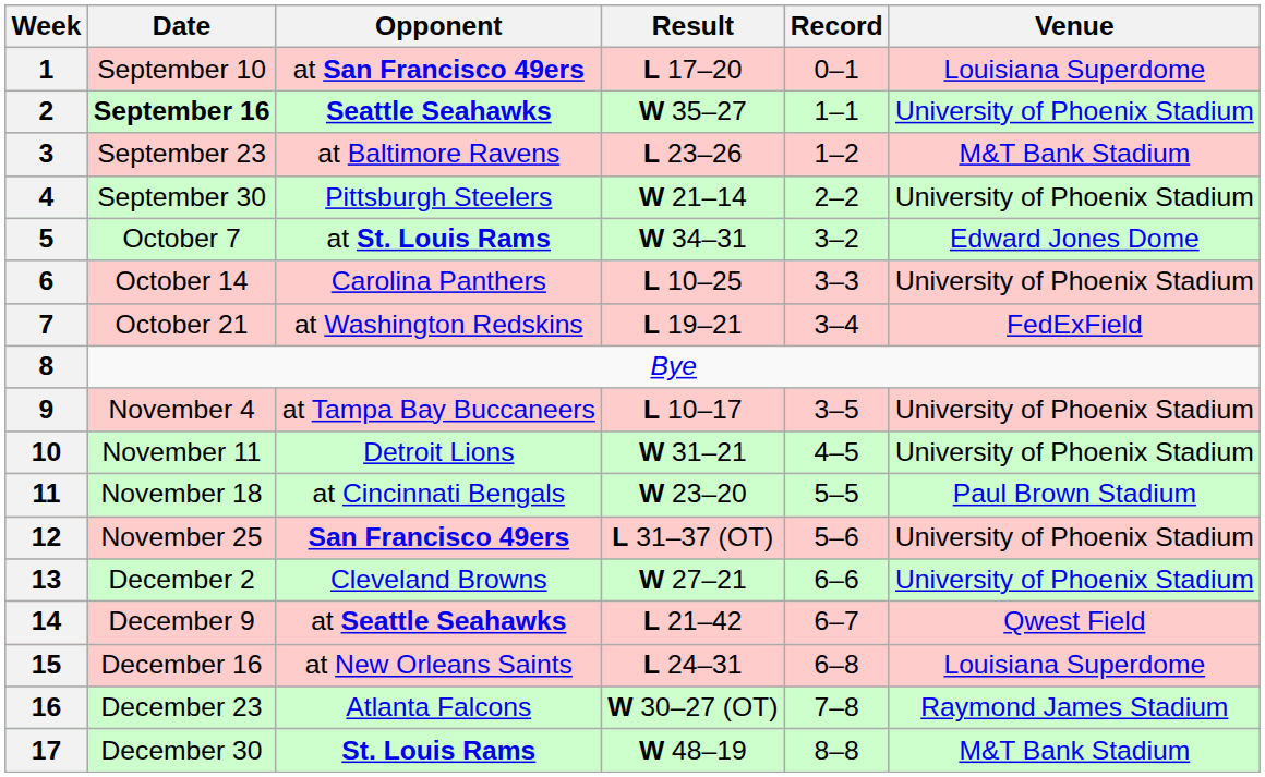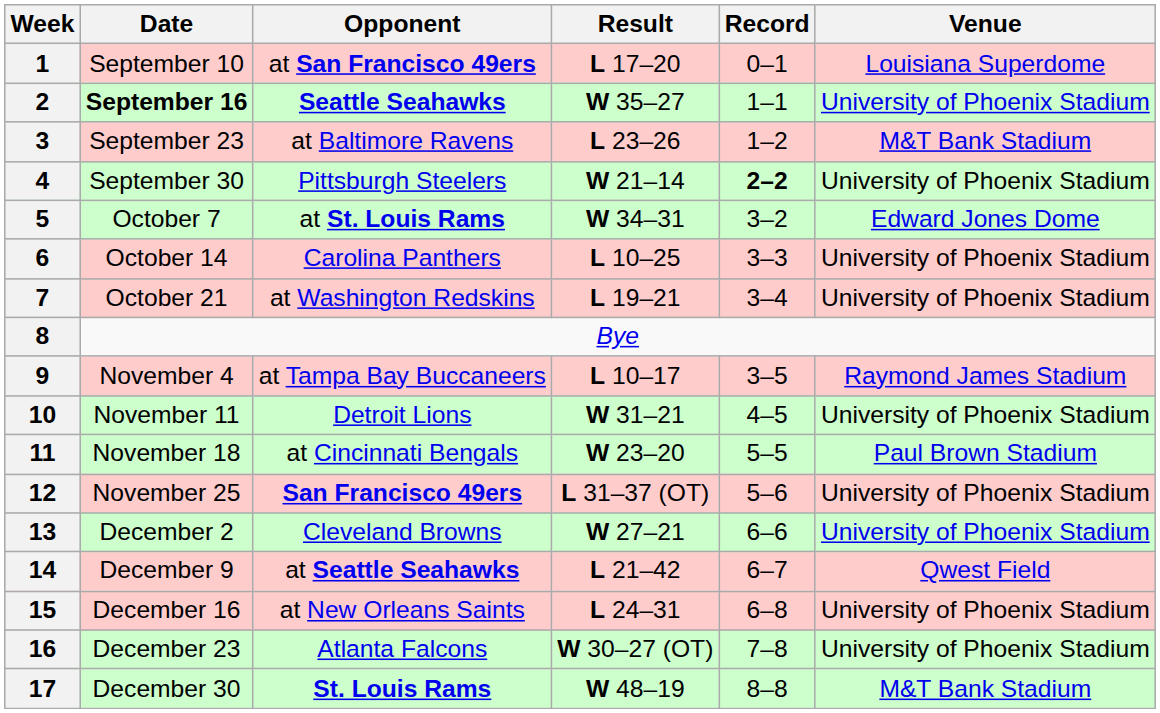 <table class="wikitable" style="text-align:center">
 <tr>
 <th>Week</th>
 <th>Date</th>
 <th>Opponent</th>
 <th>Result</th>
 <th>Record</th>
 <th>Venue</th>
 </tr>
 <tr style="background:#fcc">
 <th>1</th>
 <td>September 10</td>
 <td>at <strong><a href='#'>San Francisco 49ers</a></strong></td>
 <td><strong>L</strong> 17–20</td>
 <td>0–1</td>
 <td><a href='#'>Louisiana Superdome</a></td>
 </tr>
 <tr style="background:#cfc">
 <th>2</th>
 <td><strong>September 16</strong></td>
 <td><strong><a href='#'>Seattle Seahawks</a></strong></td>
 <td><strong>W</strong> 35–27</td>
 <td>1–1</td>
 <td><a href='#'>University of Phoenix Stadium</a></td>
 </tr>
 <tr style="background:#fcc">
 <th>3</th>
 <td>September 23</td>
 <td>at <a href='#'>Baltimore Ravens</a></td>
 <td><strong>L</strong> 23–26</td>
 <td>1–2</td>
 <td><a href='#'>M&T Bank Stadium</a></td>
 </tr>
 <tr style="background:#cfc">
 <th>4</th>
 <td>September 30</td>
 <td><a href='#'>Pittsburgh Steelers</a></td>
 <td><strong>W</strong> 21–14</td>
-<td>2–2</td>
+<td><strong>2–2</strong></td>
 <td>University of Phoenix Stadium</td>
 </tr>
 <tr style="background:#cfc">
 <th>5</th>
 <td>October 7</td>
 <td>at <strong><a href='#'>St. Louis Rams</a></strong></td>
 <td><strong>W</strong> 34–31</td>
 <td>3–2</td>
 <td><a href='#'>Edward Jones Dome</a></td>
 </tr>
 <tr style="background:#fcc">
 <th>6</th>
 <td>October 14</td>
 <td><a href='#'>Carolina Panthers</a></td>
 <td><strong>L</strong> 10–25</td>
 <td>3–3</td>
 <td>University of Phoenix Stadium</td>
 </tr>
 <tr style="background:#fcc">
 <th>7</th>
 <td>October 21</td>
 <td>at <a href='#'>Washington Redskins</a></td>
 <td><strong>L</strong> 19–21</td>
 <td>3–4</td>
-<td><a href='#'>FedExField</a></td>
+<td>University of Phoenix Stadium</td>
 </tr>
 <tr>
 <th>8</th>
 <td colspan="6"><em><a href='#'>Bye</a></em></td>
 </tr>
 <tr style="background:#fcc">
 <th>9</th>
 <td>November 4</td>
 <td>at <a href='#'>Tampa Bay Buccaneers</a></td>
 <td><strong>L</strong> 10–17</td>
 <td>3–5</td>
-<td>University of Phoenix Stadium</td>
+<td><a href='#'>Raymond James Stadium</a></td>
 </tr>
 <tr style="background:#cfc">
 <th>10</th>
 <td>November 11</td>
 <td><a href='#'>Detroit Lions</a></td>
 <td><strong>W</strong> 31–21</td>
 <td>4–5</td>
 <td>University of Phoenix Stadium</td>
 </tr>
 <tr style="background:#cfc">
 <th>11</th>
 <td>November 18</td>
 <td>at <a href='#'>Cincinnati Bengals</a></td>
 <td><strong>W</strong> 23–20</td>
 <td>5–5</td>
 <td><a href='#'>Paul Brown Stadium</a></td>
 </tr>
 <tr style="background:#fcc">
 <th>12</th>
 <td>November 25</td>
 <td><strong><a href='#'>San Francisco 49ers</a></strong></td>
 <td><strong>L</strong> 31–37 (OT)</td>
 <td>5–6</td>
 <td>University of Phoenix Stadium</td>
 </tr>
 <tr style="background:#cfc">
 <th>13</th>
 <td>December 2</td>
 <td><a href='#'>Cleveland Browns</a></td>
 <td><strong>W</strong> 27–21</td>
 <td>6–6</td>
 <td><a href='#'>University of Phoenix Stadium</a></td>
 </tr>
 <tr style="background:#fcc">
 <th>14</th>
 <td>December 9</td>
 <td>at <strong><a href='#'>Seattle Seahawks</a></strong></td>
 <td><strong>L</strong> 21–42</td>
 <td>6–7</td>
 <td><a href='#'>Qwest Field</a></td>
 </tr>
 <tr style="background:#fcc">
 <th>15</th>
 <td>December 16</td>
 <td>at <a href='#'>New Orleans Saints</a></td>
 <td><strong>L</strong> 24–31</td>
 <td>6–8</td>
-<td><a href='#'>Louisiana Superdome</a></td>
+<td>University of Phoenix Stadium</td>
 </tr>
 <tr style="background:#cfc">
 <th>16</th>
 <td>December 23</td>
 <td><a href='#'>Atlanta Falcons</a></td>
 <td><strong>W</strong> 30–27 (OT)</td>
 <td>7–8</td>
-<td><a href='#'>Raymond James Stadium</a></td>
+<td>University of Phoenix Stadium</td>
 </tr>
 <tr style="background:#cfc">
 <th>17</th>
 <td>December 30</td>
 <td><strong><a href='#'>St. Louis Rams</a></strong></td>
 <td><strong>W</strong> 48–19</td>
 <td>8–8</td>
 <td><a href='#'>M&T Bank Stadium</a></td>
 </tr>
 </table>
